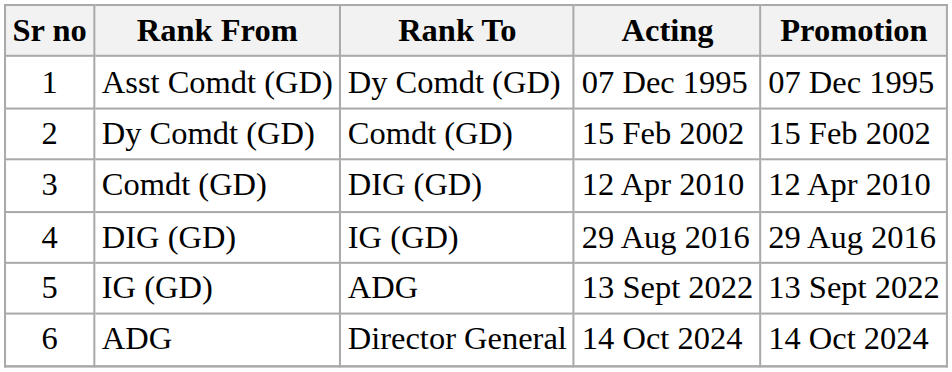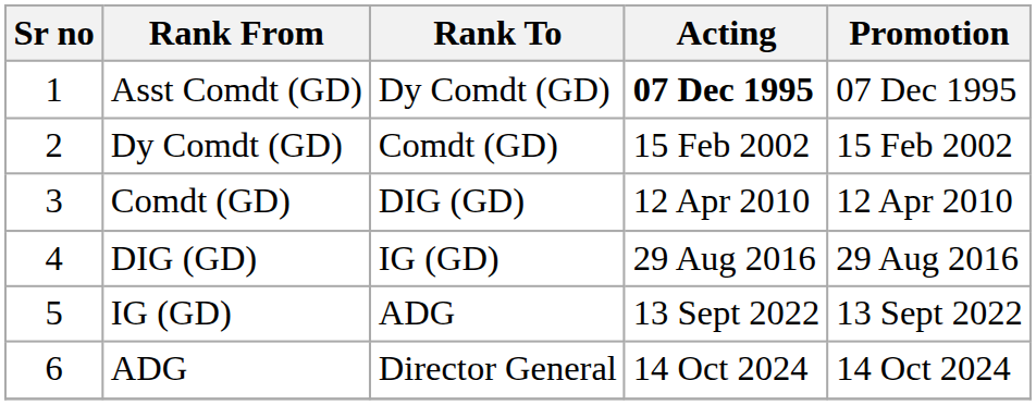 <table class="wikitable" style="background:white">
 <tr>
 <th>Sr no</th>
 <th>Rank From</th>
 <th>Rank To</th>
 <th>Acting</th>
 <th>Promotion</th>
 </tr>
 <tr>
 <td align="center">1</td>
 <td>Asst Comdt (GD)</td>
 <td>Dy Comdt (GD)</td>
-<td>07 Dec 1995</td>
+<td><strong>07 Dec 1995</strong></td>
 <td>07 Dec 1995</td>
 </tr>
 <tr>
 <td align="center">2</td>
 <td>Dy Comdt (GD)</td>
 <td>Comdt (GD)</td>
 <td>15 Feb 2002</td>
 <td>15 Feb 2002</td>
 </tr>
 <tr>
 <td align="center">3</td>
 <td>Comdt (GD)</td>
 <td>DIG (GD)</td>
 <td>12 Apr 2010</td>
 <td>12 Apr 2010</td>
 </tr>
 <tr>
 <td align="center">4</td>
 <td>DIG (GD)</td>
 <td>IG (GD)</td>
 <td>29 Aug 2016</td>
 <td>29 Aug 2016</td>
 </tr>
 <tr>
 <td align="center">5</td>
 <td>IG (GD)</td>
 <td>ADG</td>
 <td>13 Sept 2022</td>
 <td>13 Sept 2022</td>
 </tr>
 <tr>
 <td align="center">6</td>
 <td>ADG</td>
 <td>Director General</td>
 <td>14 Oct 2024</td>
 <td>14 Oct 2024</td>
 </tr>
 <tr>
 </tr>
 </table>
